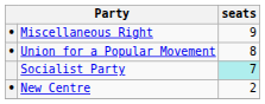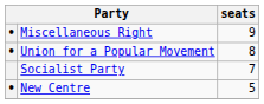 <table class="wikitable" style="font-size: 95%;">
 <tr>
 <th colspan=2>Party</th>
 <th>seats</th>
 </tr>
 <tr>
 <th style="background-color: "><span>•</span></th>
 <td><a href='#'>Miscellaneous Right</a></td>
 <td align="right">9</td>
 </tr>
 <tr>
 <th style="background-color: "><span>•</span></th>
 <td><a href='#'>Union for a Popular Movement</a></td>
 <td align="right">8</td>
 </tr>
 <tr>
 <th style="background-color: "></th>
 <td><a href='#'>Socialist Party</a></td>
-<td align="right" style="background: paleturquoise;">7</td>
+<td align="right">7</td>
 </tr>
 <tr>
 <th style="background-color: "><span>•</span></th>
 <td><a href='#'>New Centre</a></td>
-<td align="right">2</td>
+<td align="right">5</td>
 </tr>
 <tr>
 </tr>
 </table>
